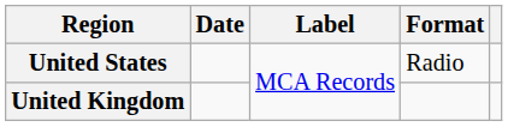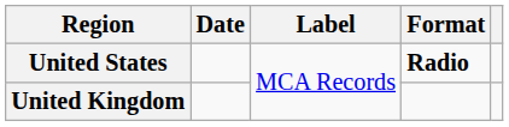 <table class="wikitable plainrowheaders">
 <tr>
 <th scope="col">Region</th>
 <th scope="col">Date</th>
 <th scope="col">Label</th>
 <th scope="col">Format</th>
 <th scope="col"></th>
 </tr>
 <tr>
 <th scope="row">United States</th>
 <td></td>
 <td rowspan="2"><a href='#'>MCA Records</a></td>
-<td>Radio</td>
+<td><strong>Radio</strong></td>
 <td></td>
 </tr>
 <tr>
 <th scope="row">United Kingdom</th>
 <td></td>
 <td></td>
 <td></td>
 </tr>
 </table>
